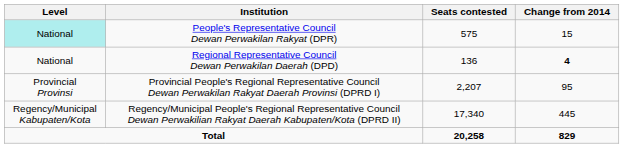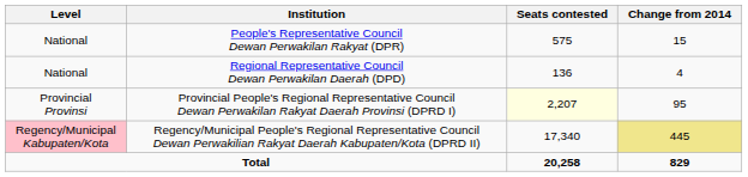 <table class="wikitable" style="text-align:center; width:50%">
 <tr>
 <th scope="col">Level</th>
 <th scope="col">Institution</th>
 <th scope="col">Seats contested</th>
 <th scope="col">Change from 2014</th>
 </tr>
 <tr>
-<td style="background: paleturquoise;">National</td>
+<td>National</td>
 <td><a href='#'>People's Representative Council</a><br><em>Dewan Perwakilan Rakyat</em> (DPR)</td>
 <td>575</td>
 <td>15</td>
 </tr>
 <tr>
 <td>National</td>
 <td><a href='#'>Regional Representative Council</a><br><em>Dewan Perwakilan Daerah</em> (DPD)</td>
 <td>136</td>
-<td><strong>4</strong></td>
+<td>4</td>
 </tr>
 <tr>
 <td>Provincial<br><em>Provinsi</em></td>
 <td>Provincial People's Regional Representative Council<br><em>Dewan Perwakilan Rakyat Daerah Provinsi</em> (DPRD I)</td>
-<td>2,207</td>
+<td style="background: lightyellow;">2,207</td>
 <td>95</td>
 </tr>
 <tr>
-<td>Regency/Municipal<br><em>Kabupaten/Kota</em></td>
+<td style="background: pink;">Regency/Municipal<br><em>Kabupaten/Kota</em></td>
 <td>Regency/Municipal People's Regional Representative Council<br><em>Dewan Perwakilian Rakyat Daerah Kabupaten/Kota</em> (DPRD II)</td>
 <td>17,340</td>
-<td>445</td>
+<td style="background: khaki;">445</td>
 </tr>
 <tr>
 <td colspan=2><strong>Total</strong></td>
 <td><strong>20,258</strong></td>
 <td><strong>829</strong></td>
 </tr>
 </table>
